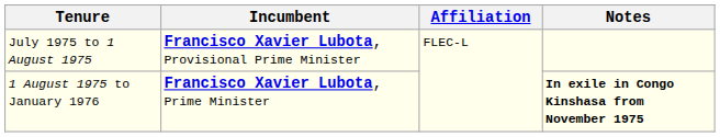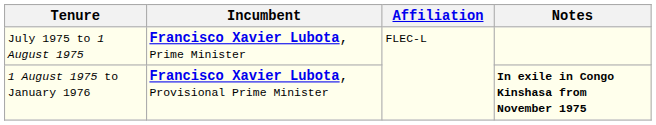 <table class="wikitable">
 <tr align=left>
 <th width="18%">Tenure</th>
 <th width="30%">Incumbent</th>
 <th width="10%"><a href='#'>Affiliation</a></th>
 <th width="20%">Notes</th>
 </tr>
 <tr valign=top bgcolor="#ffffec">
 <td><small>July 1975 to <em>1 August 1975</em></small></td>
-<td><strong><a href='#'>Francisco Xavier Lubota</a></strong>, <small>Provisional Prime Minister</small></td>
+<td><strong><a href='#'>Francisco Xavier Lubota</a></strong>, <small>Prime Minister</small></td>
 <td rowspan="2"><small>FLEC-L</small></td>
 <td> </td>
 </tr>
 <tr valign=top bgcolor="#ffffec">
 <td><small><em>1 August 1975</em> to January 1976</small></td>
-<td><strong><a href='#'>Francisco Xavier Lubota</a></strong>, <small>Prime Minister</small></td>
+<td><strong><a href='#'>Francisco Xavier Lubota</a></strong>, <small>Provisional Prime Minister</small></td>
 <td><strong><small>In exile in Congo Kinshasa from November 1975</small></strong></td>
 </tr>
 </table>
